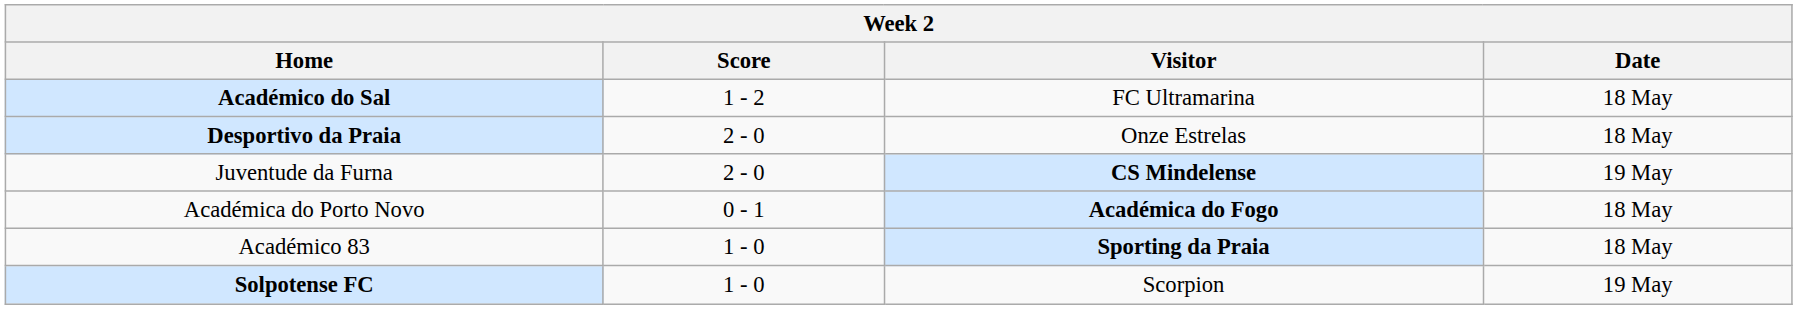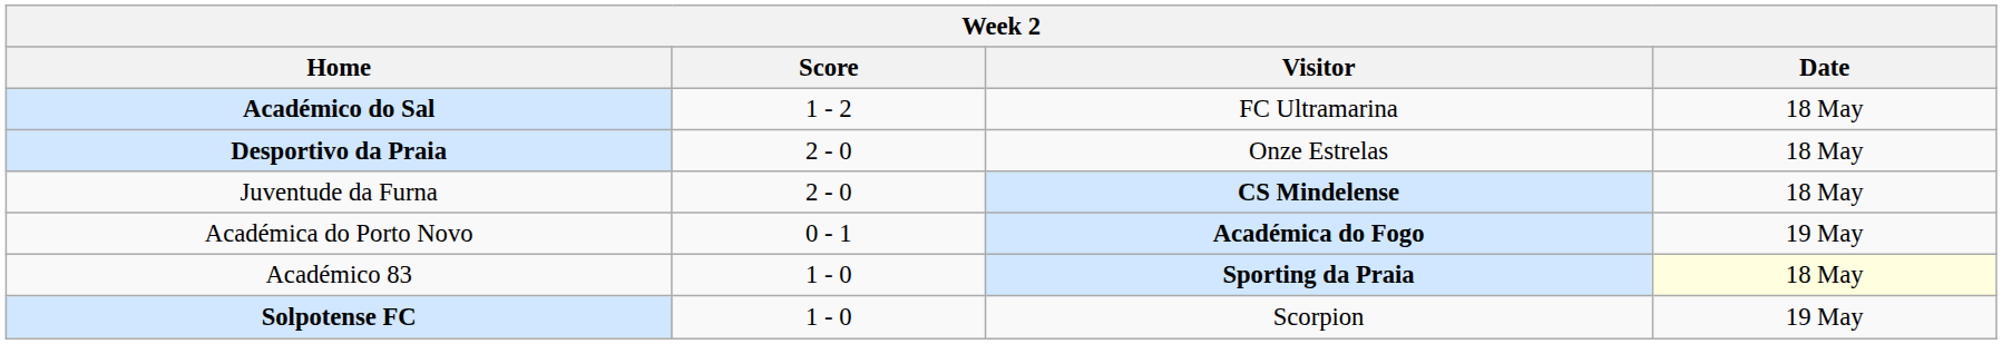 <table class="wikitable" style="font-size:95%; text-align: center; width: 95%; margin:1em auto;">
 <tr>
 <th colspan="12" style="with: 100%;">Week 2</th>
 </tr>
 <tr>
 <th width="200">Home</th>
 <th width="90">Score</th>
 <th width="200">Visitor</th>
 <th width="100">Date</th>
 </tr>
 <tr>
 <td bgcolor=#D0E7FF><strong>Académico do Sal</strong></td>
 <td>1 - 2</td>
 <td>FC Ultramarina</td>
 <td>18 May</td>
 </tr>
 <tr>
 <td bgcolor=#D0E7FF><strong>Desportivo da Praia</strong></td>
 <td>2 - 0</td>
 <td>Onze Estrelas</td>
 <td>18 May</td>
 </tr>
 <tr>
 <td>Juventude da Furna</td>
 <td>2 - 0</td>
 <td bgcolor=#D0E7FF><strong>CS Mindelense</strong></td>
-<td>19 May</td>
+<td>18 May</td>
 </tr>
 <tr>
 <td>Académica do Porto Novo</td>
 <td>0 - 1</td>
 <td bgcolor=#D0E7FF><strong>Académica do Fogo</strong></td>
-<td>18 May</td>
+<td>19 May</td>
 </tr>
 <tr>
 <td>Académico 83</td>
 <td>1 - 0</td>
 <td bgcolor=#D0E7FF><strong>Sporting da Praia</strong></td>
-<td>18 May</td>
+<td style="background: lightyellow;">18 May</td>
 </tr>
 <tr>
 <td bgcolor=#D0E7FF><strong>Solpotense FC</strong></td>
 <td>1 - 0</td>
 <td>Scorpion</td>
 <td>19 May</td>
 </tr>
 </table>
